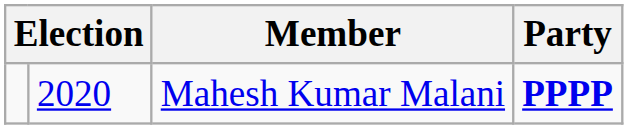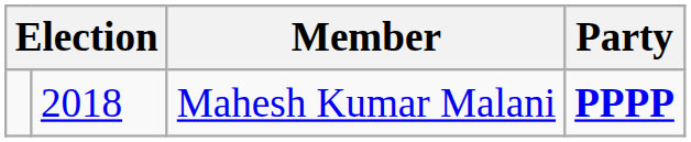 <table class="wikitable">
 <tr>
 <th colspan="2">Election</th>
 <th>Member</th>
 <th>Party</th>
 </tr>
 <tr>
 <td style="background-color: "></td>
-<td><a href='#'>2020</a></td>
+<td><a href='#'>2018</a></td>
 <td><a href='#'>Mahesh Kumar Malani</a></td>
 <td><strong><a href='#'>PPPP</a></strong></td>
 </tr>
 </table>
